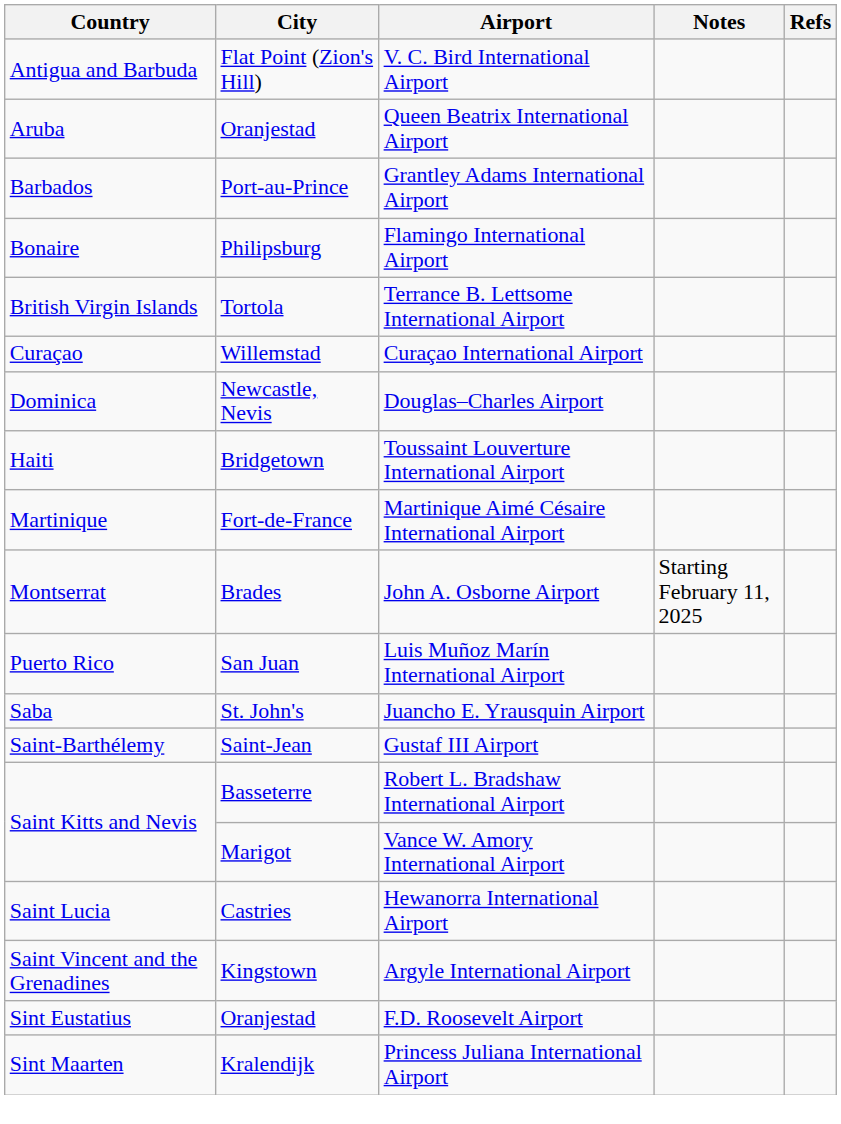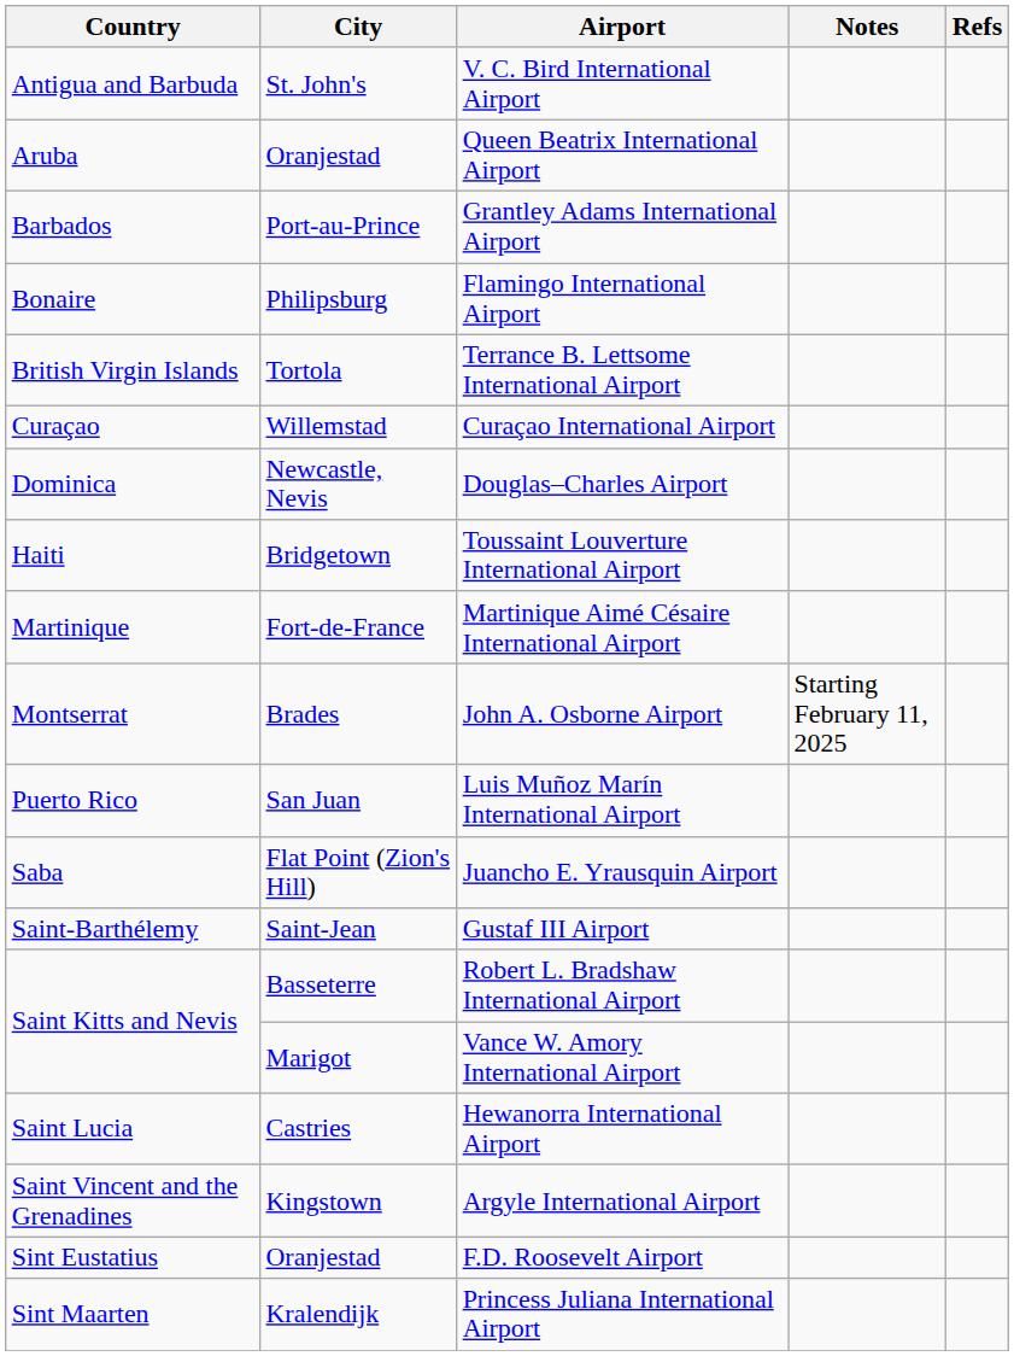 <table class="wikitable sortable">
 <tr>
 <th>Country</th>
 <th>City</th>
 <th>Airport</th>
 <th>Notes</th>
 <th class="unsortable">Refs</th>
 </tr>
 <tr>
 <td><a href='#'>Antigua and Barbuda</a></td>
-<td><a href='#'>Flat Point</a> (<a href='#'>Zion's Hill</a>)</td>
+<td><a href='#'>St. John's</a></td>
 <td><a href='#'>V. C. Bird International Airport</a></td>
 <td align=center></td>
 <td></td>
 </tr>
 <tr>
 <td><a href='#'>Aruba</a></td>
 <td><a href='#'>Oranjestad</a></td>
 <td><a href='#'>Queen Beatrix International Airport</a></td>
 <td align=center></td>
 <td></td>
 </tr>
 <tr>
 <td><a href='#'>Barbados</a></td>
 <td><a href='#'>Port-au-Prince</a></td>
 <td><a href='#'>Grantley Adams International Airport</a></td>
 <td></td>
 <td></td>
 </tr>
 <tr>
 <td><a href='#'>Bonaire</a></td>
 <td><a href='#'>Philipsburg</a></td>
 <td><a href='#'>Flamingo International Airport</a></td>
 <td align=center></td>
 <td></td>
 </tr>
 <tr>
 <td><a href='#'>British Virgin Islands</a></td>
 <td><a href='#'>Tortola</a></td>
 <td><a href='#'>Terrance B. Lettsome International Airport</a></td>
 <td align=center></td>
 <td></td>
 </tr>
 <tr>
 <td><a href='#'>Curaçao</a></td>
 <td><a href='#'>Willemstad</a></td>
 <td><a href='#'>Curaçao International Airport</a></td>
 <td align=center></td>
 <td></td>
 </tr>
 <tr>
 <td><a href='#'>Dominica</a></td>
 <td><a href='#'>Newcastle, Nevis</a></td>
 <td><a href='#'>Douglas–Charles Airport</a></td>
 <td align=center></td>
 <td></td>
 </tr>
 <tr>
 <td><a href='#'>Haiti</a></td>
 <td><a href='#'>Bridgetown</a></td>
 <td><a href='#'>Toussaint Louverture International Airport</a></td>
 <td align=center></td>
 <td></td>
 </tr>
 <tr>
 <td><a href='#'>Martinique</a></td>
 <td><a href='#'>Fort-de-France</a></td>
 <td><a href='#'>Martinique Aimé Césaire International Airport</a></td>
 <td></td>
 <td></td>
 </tr>
 <tr>
 <td><a href='#'>Montserrat</a></td>
 <td><a href='#'>Brades</a></td>
 <td><a href='#'>John A. Osborne Airport</a></td>
 <td>Starting<br>February  11, 2025</td>
 <td></td>
 </tr>
 <tr>
 <td><a href='#'>Puerto Rico</a></td>
 <td><a href='#'>San Juan</a></td>
 <td><a href='#'>Luis Muñoz Marín International Airport</a></td>
 <td></td>
 <td></td>
 </tr>
 <tr>
 <td><a href='#'>Saba</a></td>
-<td><a href='#'>St. John's</a></td>
+<td><a href='#'>Flat Point</a> (<a href='#'>Zion's Hill</a>)</td>
 <td><a href='#'>Juancho E. Yrausquin Airport</a></td>
 <td align=center></td>
 <td></td>
 </tr>
 <tr>
 <td><a href='#'>Saint-Barthélemy</a></td>
 <td><a href='#'>Saint-Jean</a></td>
 <td><a href='#'>Gustaf III Airport</a></td>
 <td align=center></td>
 <td></td>
 </tr>
 <tr>
 <td rowspan=2><a href='#'>Saint Kitts and Nevis</a></td>
 <td><a href='#'>Basseterre</a></td>
 <td><a href='#'>Robert L. Bradshaw International Airport</a></td>
 <td></td>
 <td></td>
 </tr>
 <tr>
 <td><a href='#'>Marigot</a></td>
 <td><a href='#'>Vance W. Amory International Airport</a></td>
 <td></td>
 <td align=center></td>
 </tr>
 <tr>
 <td><a href='#'>Saint Lucia</a></td>
 <td><a href='#'>Castries</a></td>
 <td><a href='#'>Hewanorra International Airport</a></td>
 <td></td>
 <td></td>
 </tr>
 <tr>
 <td><a href='#'>Saint Vincent and the Grenadines</a></td>
 <td><a href='#'>Kingstown</a></td>
 <td><a href='#'>Argyle International Airport</a></td>
 <td></td>
 <td></td>
 </tr>
 <tr>
 <td><a href='#'>Sint Eustatius</a></td>
 <td><a href='#'>Oranjestad</a></td>
 <td><a href='#'>F.D. Roosevelt Airport</a></td>
 <td align=center></td>
 <td></td>
 </tr>
 <tr>
 <td><a href='#'>Sint Maarten</a></td>
 <td><a href='#'>Kralendijk</a></td>
 <td><a href='#'>Princess Juliana International Airport</a></td>
 <td></td>
 <td></td>
 </tr>
 </table>
